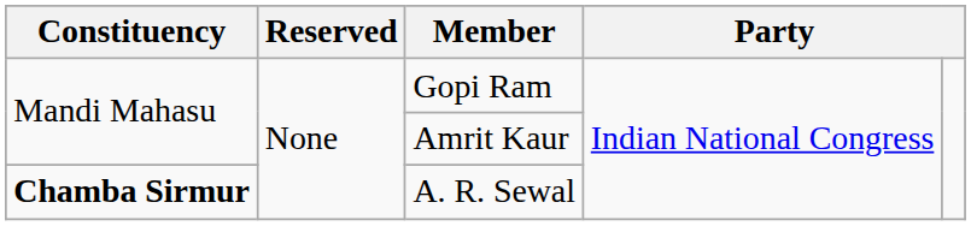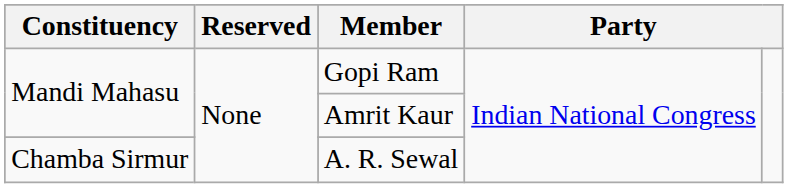 <table class="wikitable sortable">
 <tr>
 <th>Constituency</th>
 <th>Reserved</th>
 <th>Member</th>
 <th colspan=3>Party</th>
 </tr>
 <tr>
 <td rowspan=2>Mandi Mahasu</td>
 <td rowspan=3>None</td>
 <td>Gopi Ram</td>
 <td rowspan=3><a href='#'>Indian National Congress</a></td>
 <td rowspan=3 width="4px" style="background-color: "></td>
 </tr>
 <tr>
 <td>Amrit Kaur</td>
 </tr>
 <tr>
-<td><strong>Chamba Sirmur</strong></td>
+<td>Chamba Sirmur</td>
 <td>A. R. Sewal</td>
 </tr>
 </table>
